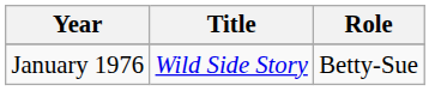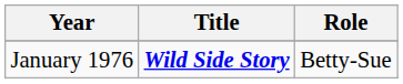 <table class="wikitable sortable">
 <tr>
 <th>Year</th>
 <th>Title</th>
 <th>Role</th>
 </tr>
 <tr>
 </tr>
 <tr>
 <td>January 1976</td>
-<td><em><a href='#'>Wild Side Story</a></em></td>
+<td><strong><em><a href='#'>Wild Side Story</a></em></strong></td>
 <td>Betty-Sue</td>
 </tr>
 </table>
